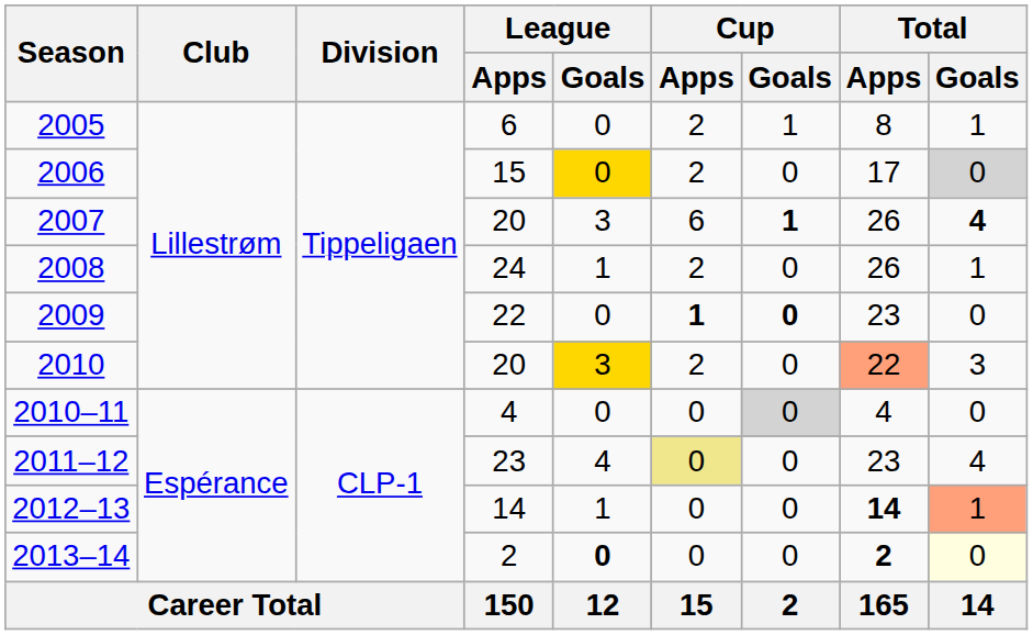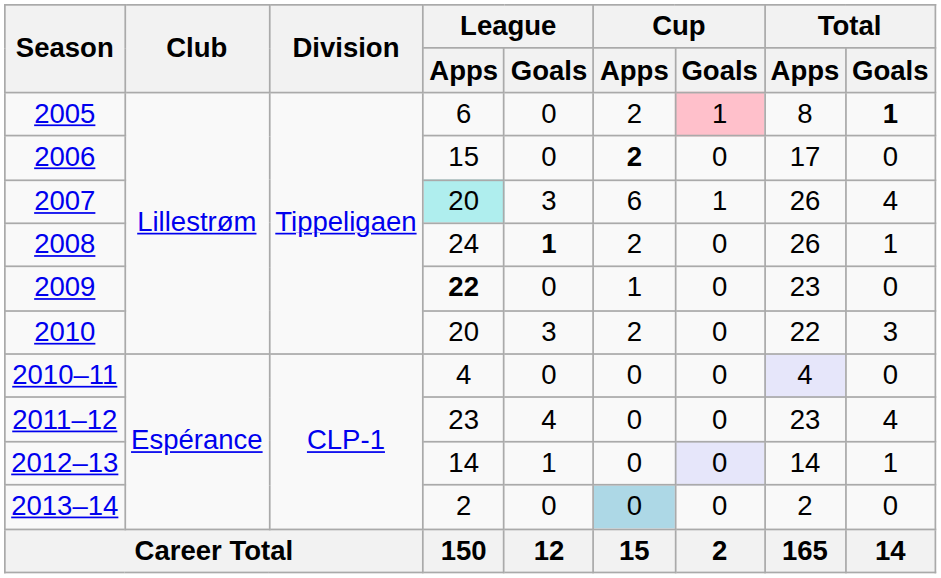 <table class="wikitable" style="text-align: center;">
 <tr>
 <th rowspan="2">Season</th>
 <th rowspan="2">Club</th>
 <th rowspan="2">Division</th>
 <th colspan="2">League</th>
 <th colspan="2">Cup</th>
 <th colspan="2">Total</th>
 </tr>
 <tr>
 <th>Apps</th>
 <th>Goals</th>
 <th>Apps</th>
 <th>Goals</th>
 <th>Apps</th>
 <th>Goals</th>
 </tr>
 <tr>
 <td><a href='#'>2005</a></td>
 <td rowspan="6" valign="center"><a href='#'>Lillestrøm</a></td>
 <td rowspan="6" valign="center"><a href='#'>Tippeligaen</a></td>
 <td>6</td>
 <td>0</td>
 <td>2</td>
-<td>1</td>
+<td style="background: pink;">1</td>
 <td>8</td>
-<td>1</td>
+<td><strong>1</strong></td>
 </tr>
 <tr>
 <td><a href='#'>2006</a></td>
 <td>15</td>
-<td style="background: gold;">0</td>
-<td>2</td>
+<td>0</td>
+<td><strong>2</strong></td>
 <td>0</td>
 <td>17</td>
-<td style="background: lightgrey;">0</td>
+<td>0</td>
 </tr>
 <tr>
 <td><a href='#'>2007</a></td>
-<td>20</td>
+<td style="background: paleturquoise;">20</td>
 <td>3</td>
 <td>6</td>
-<td><strong>1</strong></td>
+<td>1</td>
 <td>26</td>
-<td><strong>4</strong></td>
+<td>4</td>
 </tr>
 <tr>
 <td><a href='#'>2008</a></td>
 <td>24</td>
-<td>1</td>
+<td><strong>1</strong></td>
 <td>2</td>
 <td>0</td>
 <td>26</td>
 <td>1</td>
 </tr>
 <tr>
 <td><a href='#'>2009</a></td>
-<td>22</td>
+<td><strong>22</strong></td>
 <td>0</td>
-<td><strong>1</strong></td>
-<td><strong>0</strong></td>
+<td>1</td>
+<td>0</td>
 <td>23</td>
 <td>0</td>
 </tr>
 <tr>
 <td><a href='#'>2010</a></td>
 <td>20</td>
-<td style="background: gold;">3</td>
+<td>3</td>
 <td>2</td>
 <td>0</td>
-<td style="background: lightsalmon;">22</td>
+<td>22</td>
 <td>3</td>
 </tr>
 <tr>
 <td><a href='#'>2010–11</a></td>
 <td rowspan="4" valign="center"><a href='#'>Espérance</a></td>
 <td rowspan="4" valign="center"><a href='#'>CLP-1</a></td>
 <td>4</td>
 <td>0</td>
 <td>0</td>
-<td style="background: lightgrey;">0</td>
-<td>4</td>
+<td>0</td>
+<td style="background: lavender;">4</td>
 <td>0</td>
 </tr>
 <tr>
 <td><a href='#'>2011–12</a></td>
 <td>23</td>
 <td>4</td>
-<td style="background: khaki;">0</td>
+<td>0</td>
 <td>0</td>
 <td>23</td>
 <td>4</td>
 </tr>
 <tr>
 <td><a href='#'>2012–13</a></td>
 <td>14</td>
 <td>1</td>
 <td>0</td>
-<td>0</td>
-<td><strong>14</strong></td>
-<td style="background: lightsalmon;">1</td>
+<td style="background: lavender;">0</td>
+<td>14</td>
+<td>1</td>
 </tr>
 <tr>
 <td><a href='#'>2013–14</a></td>
 <td>2</td>
-<td><strong>0</strong></td>
 <td>0</td>
+<td style="background: lightblue;">0</td>
 <td>0</td>
-<td><strong>2</strong></td>
-<td style="background: lightyellow;">0</td>
+<td>2</td>
+<td>0</td>
 </tr>
 <tr>
 <th colspan="3">Career Total</th>
 <th>150</th>
 <th>12</th>
 <th>15</th>
 <th>2</th>
 <th>165</th>
 <th>14</th>
 </tr>
 </table>
